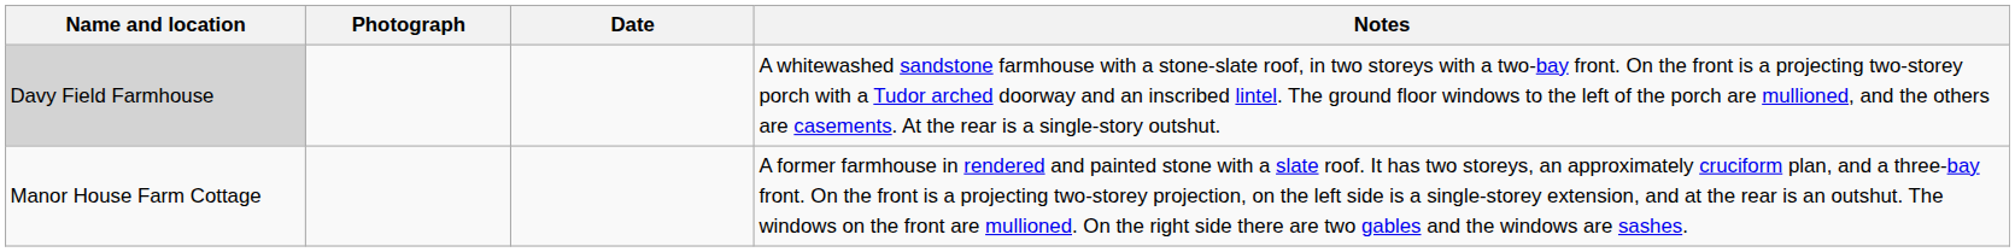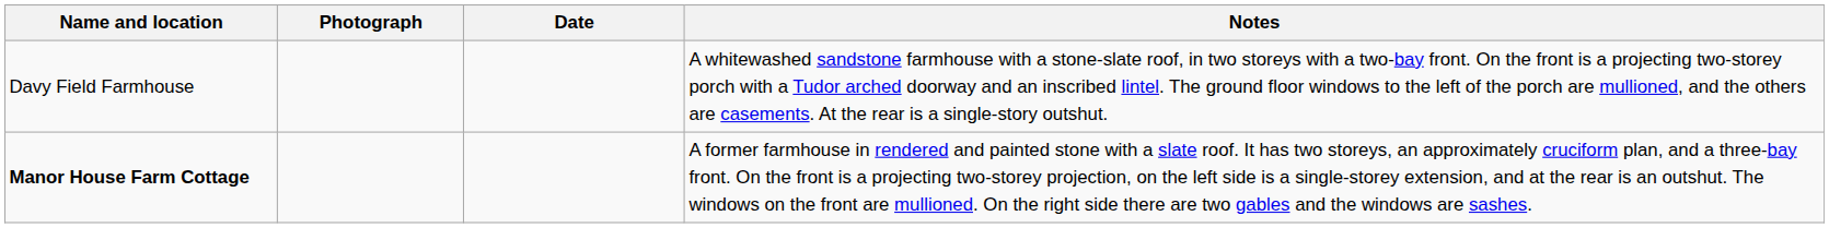 <table class="wikitable sortable plainrowheaders" style="width:100%;border:0px;text-align:left;line-height:150%;">
 <tr>
 <th scope="col"  style="width:150px">Name and location</th>
 <th scope="col"  style="width:100px" class="unsortable">Photograph</th>
 <th scope="col"  style="width:120px">Date</th>
 <th scope="col"  style="width:650px" class="unsortable">Notes</th>
 </tr>
 <tr>
-<td style="background: lightgrey;">Davy Field Farmhouse<br><small></small></td>
+<td>Davy Field Farmhouse<br><small></small></td>
 <td></td>
 <td align="center"></td>
 <td>A whitewashed <a href='#'>sandstone</a> farmhouse with a stone-slate roof, in two storeys with a two-<a href='#'>bay</a> front.  On the front is a projecting two-storey porch with a <a href='#'>Tudor arched</a> doorway and an inscribed <a href='#'>lintel</a>.  The ground floor windows to the left of the porch are <a href='#'>mullioned</a>, and the others are <a href='#'>casements</a>.  At the rear is a single-story outshut.</td>
 </tr>
 <tr>
-<td>Manor House Farm Cottage<br><small></small></td>
+<td><strong>Manor House Farm Cottage<br><small></small></strong></td>
 <td></td>
 <td align="center"></td>
 <td>A former farmhouse in <a href='#'>rendered</a> and painted stone with a <a href='#'>slate</a> roof.  It has two storeys, an approximately <a href='#'>cruciform</a> plan, and a three-<a href='#'>bay</a> front.  On the front is a projecting two-storey projection, on the left side is a single-storey extension, and at the rear is an outshut.  The windows on the front are <a href='#'>mullioned</a>.  On the right side there are two <a href='#'>gables</a> and the windows are <a href='#'>sashes</a>.</td>
 </tr>
 <tr>
 </tr>
 </table>
